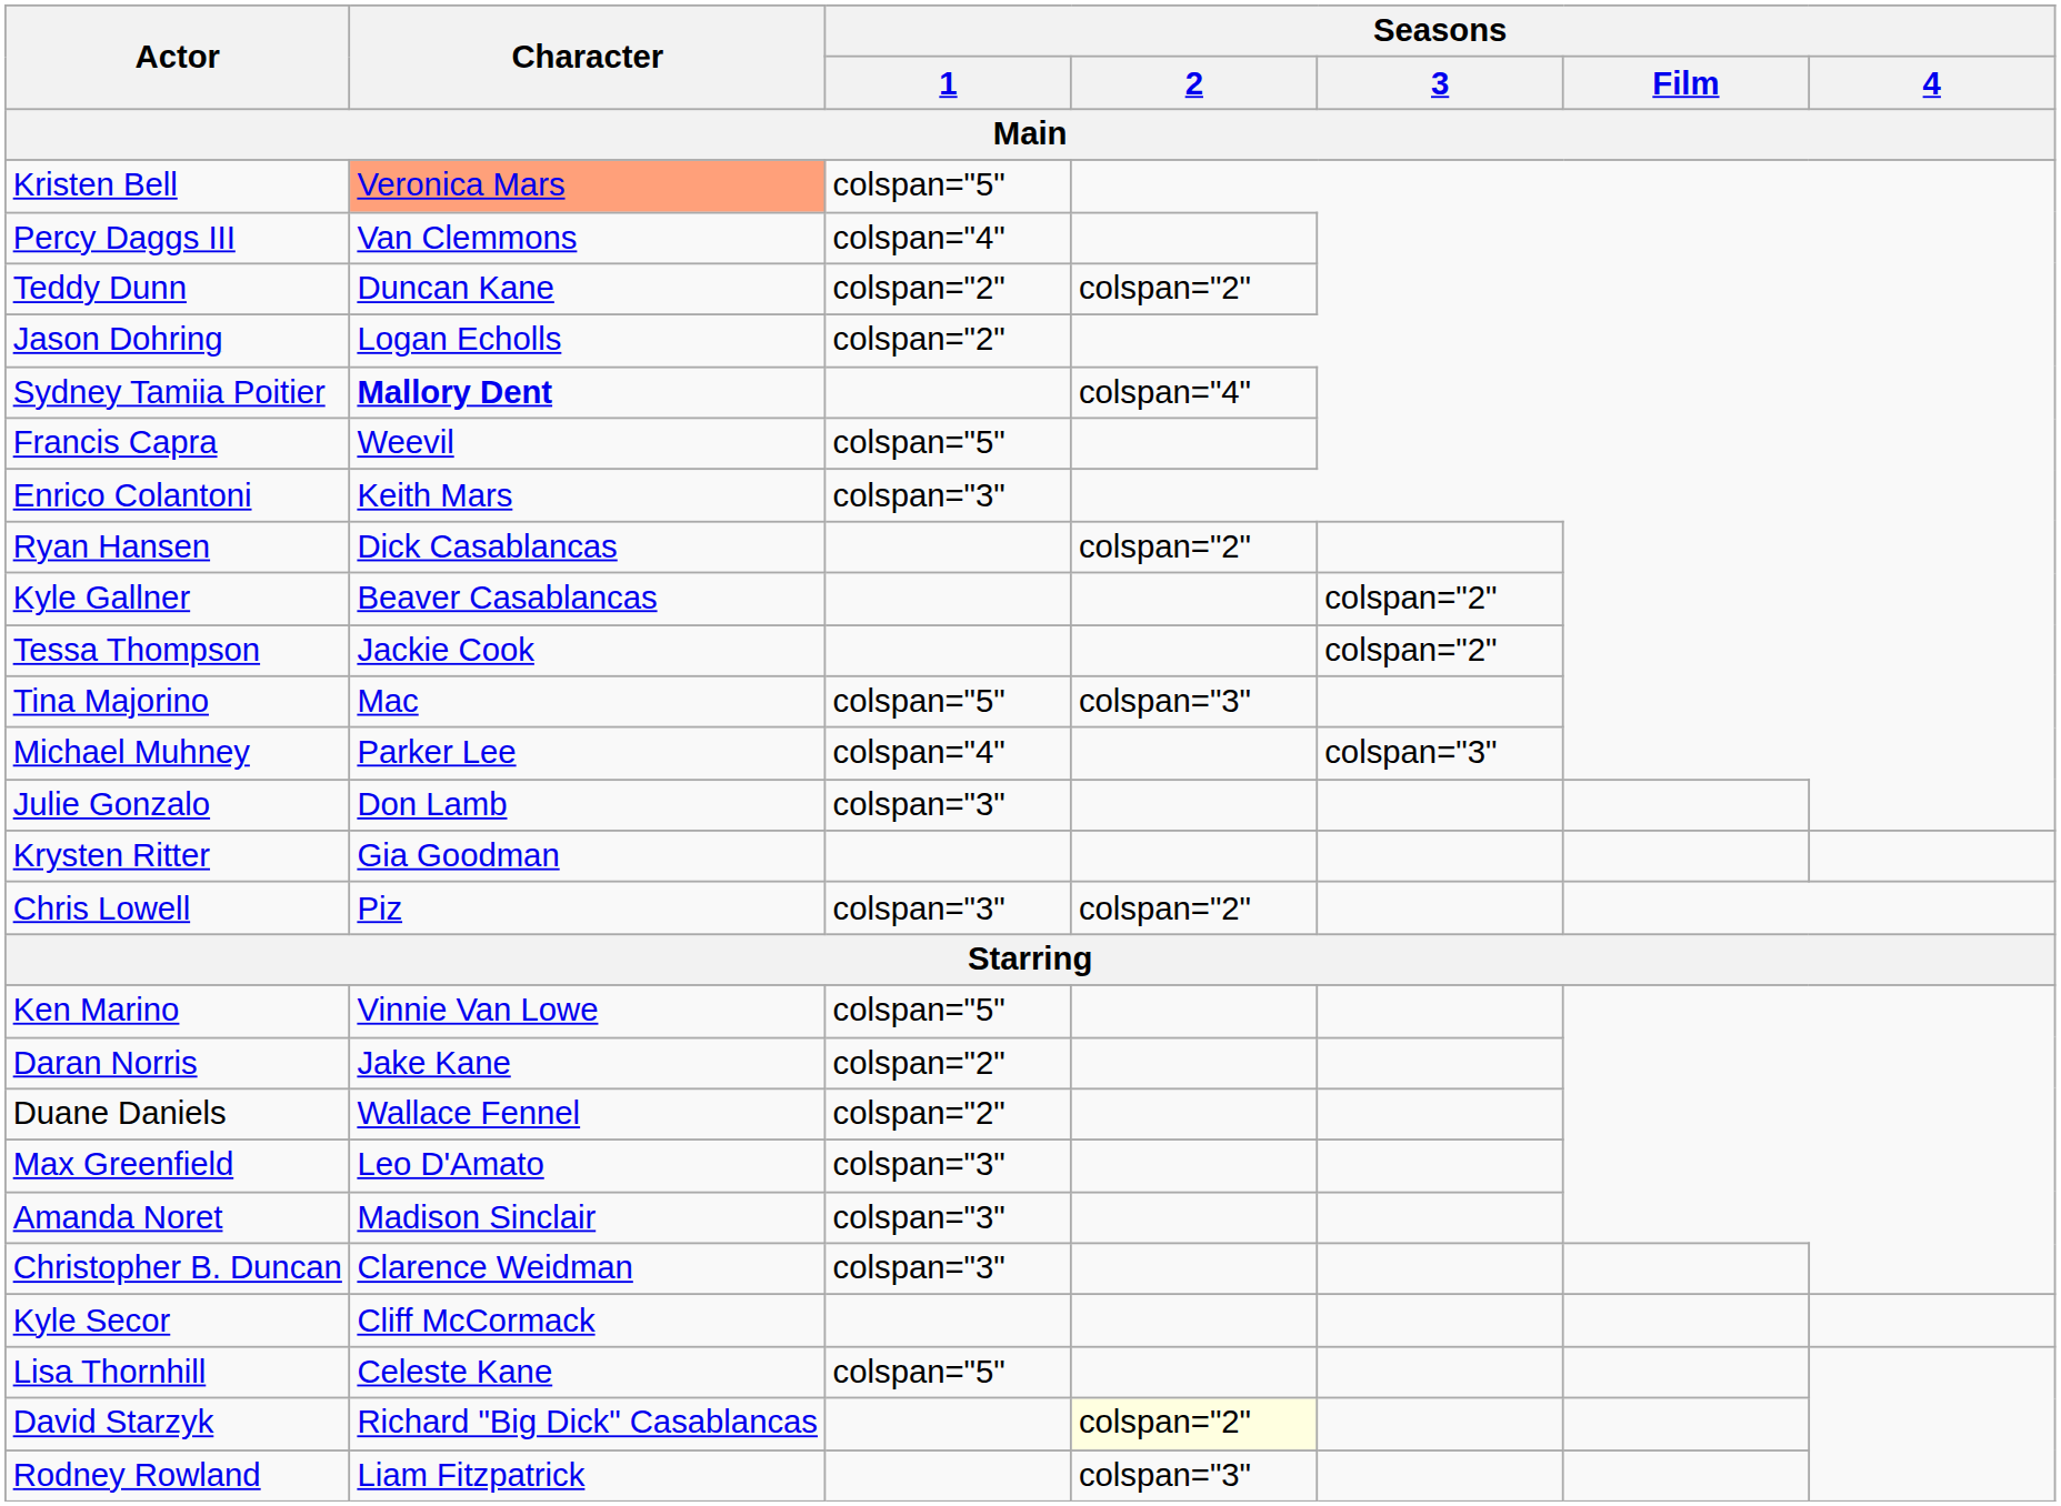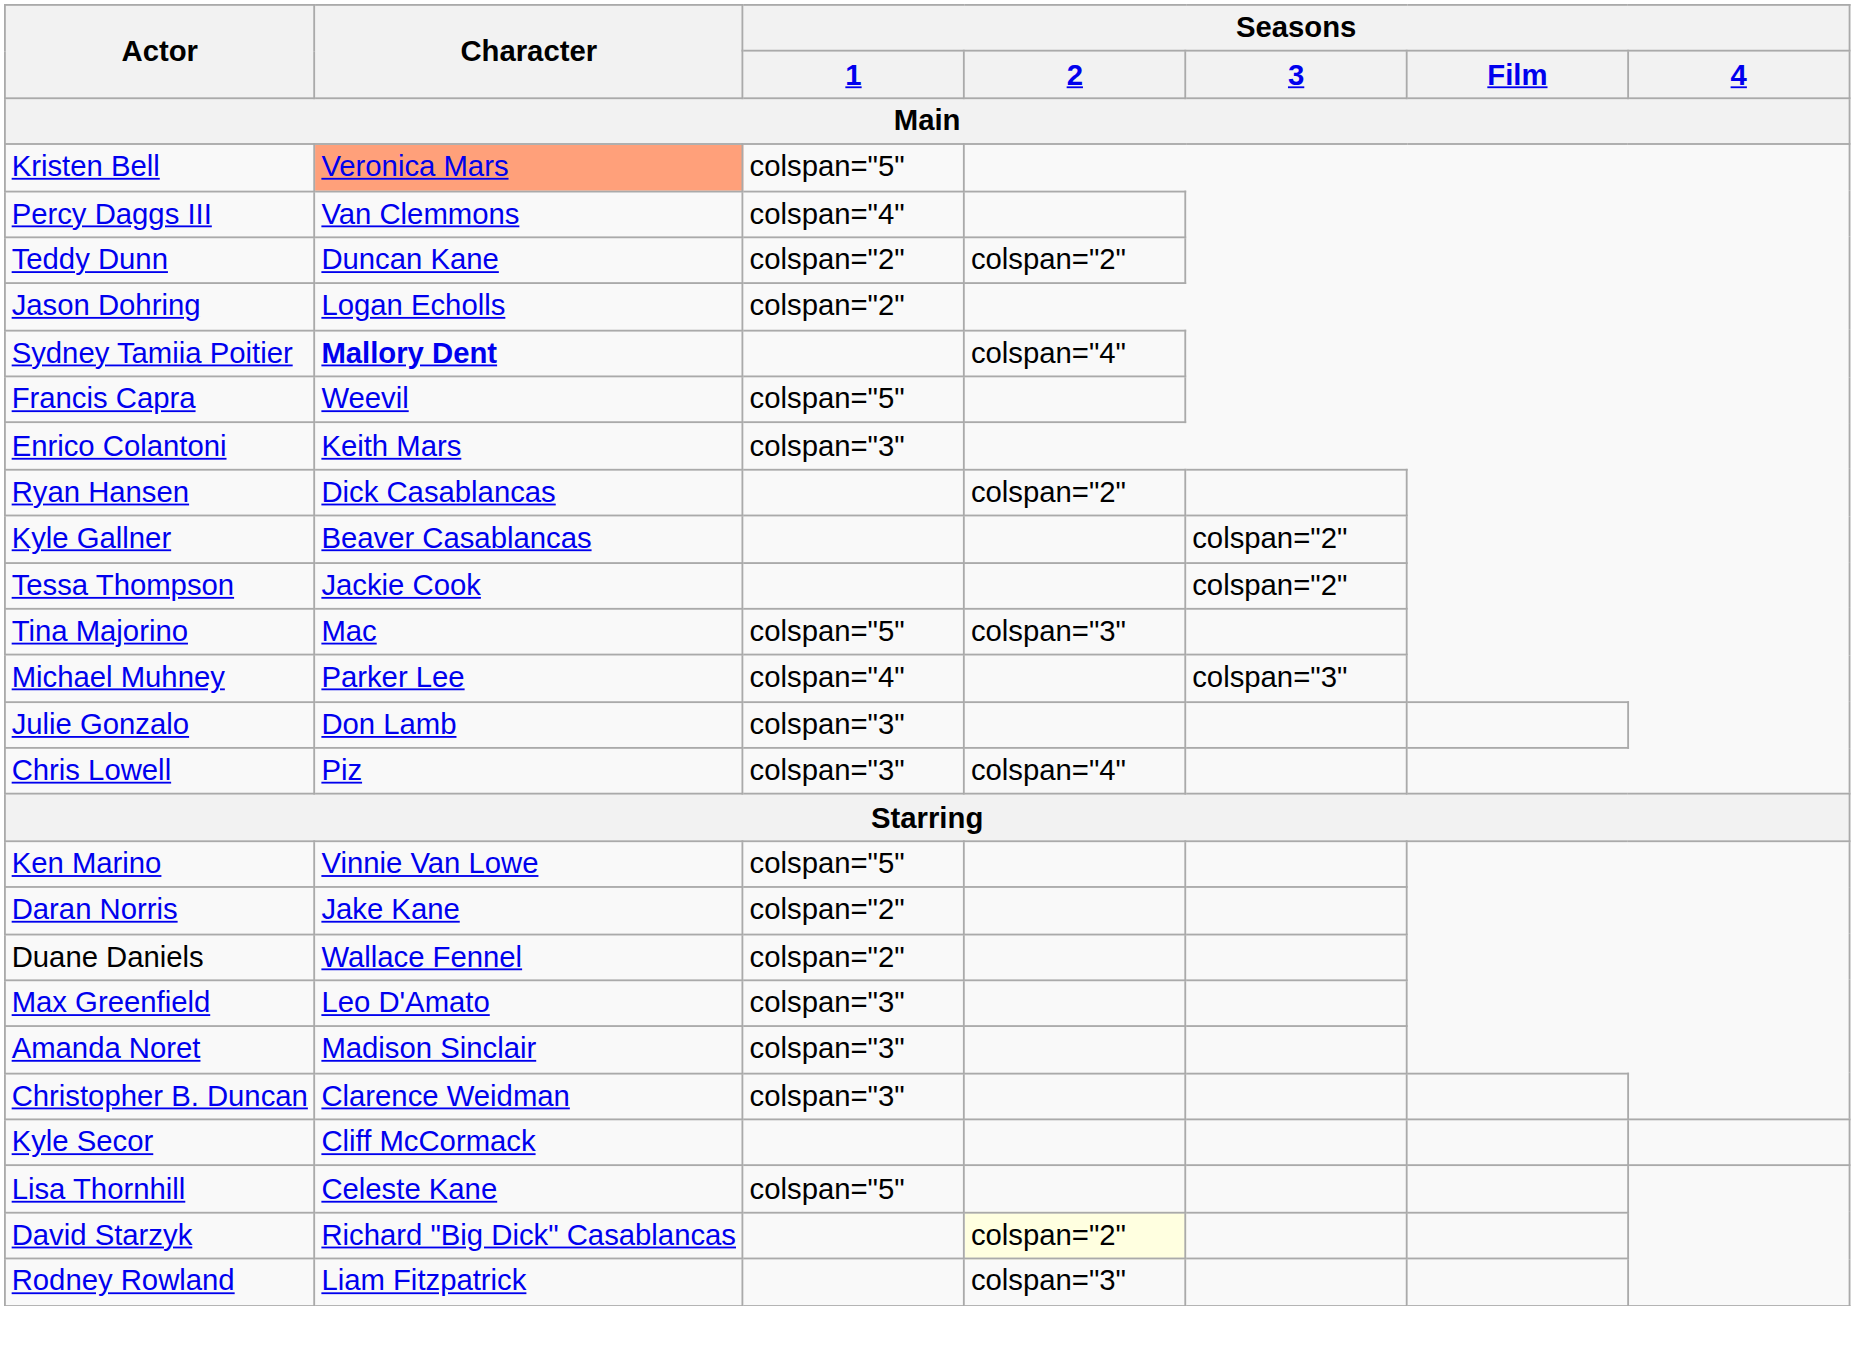 <table class="wikitable">
 <tr>
 <th rowspan="2">Actor</th>
 <th rowspan="2">Character</th>
 <th colspan="5">Seasons</th>
 </tr>
 <tr>
 <th style="width:12%;"><a href='#'>1</a></th>
 <th style="width:12%;"><a href='#'>2</a></th>
 <th style="width:12%;"><a href='#'>3</a></th>
 <th style="width:12%;"><a href='#'>Film</a></th>
 <th style="width:12%;"><a href='#'>4</a></th>
 </tr>
 <tr>
 <th colspan="7">Main</th>
 </tr>
 <tr>
 <td><a href='#'>Kristen Bell</a></td>
 <td style="background: lightsalmon;"><a href='#'>Veronica Mars</a></td>
 <td>colspan="5" </td>
 </tr>
 <tr>
 <td><a href='#'>Percy Daggs III</a></td>
 <td><a href='#'>Van Clemmons</a></td>
 <td>colspan="4" </td>
 <td></td>
 </tr>
 <tr>
 <td><a href='#'>Teddy Dunn</a></td>
 <td><a href='#'>Duncan Kane</a></td>
 <td>colspan="2" </td>
 <td>colspan="2" </td>
 </tr>
 <tr>
 <td><a href='#'>Jason Dohring</a></td>
 <td><a href='#'>Logan Echolls</a></td>
 <td>colspan="2" </td>
 </tr>
 <tr>
 <td><a href='#'>Sydney Tamiia Poitier</a></td>
 <td><strong><a href='#'>Mallory Dent</a></strong></td>
 <td></td>
 <td>colspan="4" </td>
 </tr>
 <tr>
 <td><a href='#'>Francis Capra</a></td>
 <td><a href='#'>Weevil</a></td>
 <td>colspan="5" </td>
 <td></td>
 </tr>
 <tr>
 <td><a href='#'>Enrico Colantoni</a></td>
 <td><a href='#'>Keith Mars</a></td>
 <td>colspan="3" </td>
 </tr>
 <tr>
 <td><a href='#'>Ryan Hansen</a></td>
 <td><a href='#'>Dick Casablancas</a></td>
 <td></td>
 <td>colspan="2" </td>
 <td></td>
 </tr>
 <tr>
 <td><a href='#'>Kyle Gallner</a></td>
 <td><a href='#'>Beaver Casablancas</a></td>
 <td></td>
 <td></td>
 <td>colspan="2"  </td>
 </tr>
 <tr>
 <td><a href='#'>Tessa Thompson</a></td>
 <td><a href='#'>Jackie Cook</a></td>
 <td></td>
 <td></td>
 <td>colspan="2"  </td>
 </tr>
 <tr>
 <td><a href='#'>Tina Majorino</a></td>
 <td><a href='#'>Mac</a></td>
 <td>colspan="5" </td>
 <td>colspan="3" </td>
 <td></td>
 </tr>
 <tr>
 <td><a href='#'>Michael Muhney</a></td>
 <td><a href='#'>Parker Lee</a></td>
 <td>colspan="4" </td>
 <td></td>
 <td>colspan="3" </td>
 </tr>
 <tr>
 <td><a href='#'>Julie Gonzalo</a></td>
 <td><a href='#'>Don Lamb</a></td>
 <td>colspan="3" </td>
 <td></td>
 <td></td>
 <td></td>
 </tr>
 <tr>
-<td><a href='#'>Krysten Ritter</a></td>
-<td><a href='#'>Gia Goodman</a></td>
-<td></td>
-<td></td>
-<td></td>
-<td></td>
-<td></td>
-</tr>
-<tr>
 <td><a href='#'>Chris Lowell</a></td>
 <td><a href='#'>Piz</a></td>
 <td>colspan="3" </td>
-<td>colspan="2" </td>
+<td>colspan="4" </td>
 <td></td>
 </tr>
 <tr>
 <th colspan="7">Starring</th>
 </tr>
 <tr>
 <td><a href='#'>Ken Marino</a></td>
 <td><a href='#'>Vinnie Van Lowe</a></td>
 <td>colspan="5" </td>
 <td></td>
 <td></td>
 </tr>
 <tr>
 <td><a href='#'>Daran Norris</a></td>
 <td><a href='#'>Jake Kane</a></td>
 <td>colspan="2" </td>
 <td></td>
 <td></td>
 </tr>
 <tr>
 <td>Duane Daniels</td>
 <td><a href='#'>Wallace Fennel</a></td>
 <td>colspan="2" </td>
 <td></td>
 <td></td>
 </tr>
 <tr>
 <td><a href='#'>Max Greenfield</a></td>
 <td><a href='#'>Leo D'Amato</a></td>
 <td>colspan="3" </td>
 <td></td>
 <td></td>
 </tr>
 <tr>
 <td><a href='#'>Amanda Noret</a></td>
 <td><a href='#'>Madison Sinclair</a></td>
 <td>colspan="3" </td>
 <td></td>
 <td></td>
 </tr>
 <tr>
 <td><a href='#'>Christopher B. Duncan</a></td>
 <td><a href='#'>Clarence Weidman</a></td>
 <td>colspan="3" </td>
 <td></td>
 <td></td>
 <td></td>
 </tr>
 <tr>
 <td><a href='#'>Kyle Secor</a></td>
 <td><a href='#'>Cliff McCormack</a></td>
 <td></td>
 <td></td>
 <td></td>
 <td></td>
 <td></td>
 </tr>
 <tr>
 <td><a href='#'>Lisa Thornhill</a></td>
 <td><a href='#'>Celeste Kane</a></td>
 <td>colspan="5" </td>
 <td></td>
 <td></td>
 <td></td>
 </tr>
 <tr>
 <td><a href='#'>David Starzyk</a></td>
 <td><a href='#'>Richard "Big Dick" Casablancas</a></td>
 <td></td>
 <td style="background: lightyellow;">colspan="2" </td>
 <td></td>
 <td></td>
 </tr>
 <tr>
 <td><a href='#'>Rodney Rowland</a></td>
 <td><a href='#'>Liam Fitzpatrick</a></td>
 <td></td>
 <td>colspan="3" </td>
 <td></td>
 <td></td>
 </tr>
 </table>
